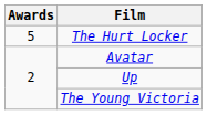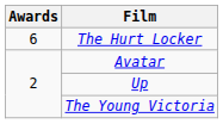 <table class="wikitable" style="text-align:center;">
 <tr>
 <th style="background:">Awards</th>
 <th style="background:">Film</th>
 </tr>
 <tr>
-<td>5</td>
+<td>6</td>
 <td><em><a href='#'>The Hurt Locker</a></em></td>
 </tr>
 <tr>
 <td rowspan="3">2</td>
 <td><em><a href='#'>Avatar</a></em></td>
 </tr>
 <tr>
 <td><em><a href='#'>Up</a></em></td>
 </tr>
 <tr>
 <td><em><a href='#'>The Young Victoria</a></em></td>
 </tr>
 </table>
